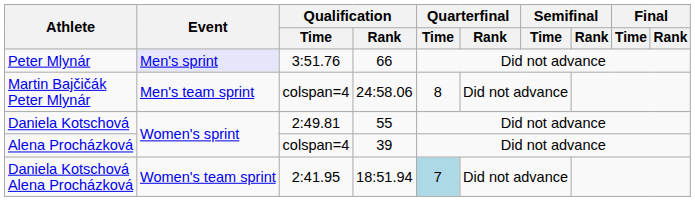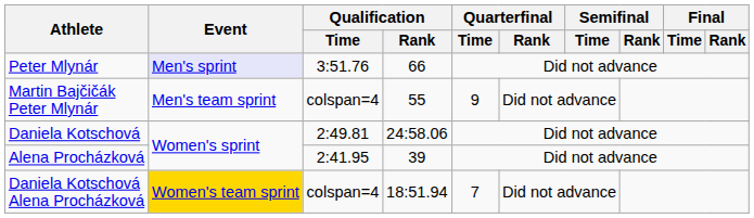 <table class="wikitable" style="font-size:90%">
 <tr>
 <th rowspan="2">Athlete</th>
 <th rowspan="2">Event</th>
 <th colspan="2">Qualification</th>
 <th colspan="2">Quarterfinal</th>
 <th colspan="2">Semifinal</th>
 <th colspan="2">Final</th>
 </tr>
 <tr style="font-size:95%">
 <th>Time</th>
 <th>Rank</th>
 <th>Time</th>
 <th>Rank</th>
 <th>Time</th>
 <th>Rank</th>
 <th>Time</th>
 <th>Rank</th>
 </tr>
 <tr align=center>
 <td align=left><a href='#'>Peter Mlynár</a></td>
 <td align=left style="background: lavender;"><a href='#'>Men's sprint</a></td>
 <td>3:51.76</td>
 <td>66</td>
 <td colspan=6>Did not advance</td>
 </tr>
 <tr align=center>
 <td align=left><a href='#'>Martin Bajčičák</a><br><a href='#'>Peter Mlynár</a></td>
 <td align=left><a href='#'>Men's team sprint</a></td>
 <td>colspan=4 </td>
-<td>24:58.06</td>
-<td>8</td>
+<td>55</td>
+<td>9</td>
 <td colspan=2>Did not advance</td>
 </tr>
 <tr align=center>
 <td align=left><a href='#'>Daniela Kotschová</a></td>
 <td align=left rowspan=2><a href='#'>Women's sprint</a></td>
 <td>2:49.81</td>
-<td>55</td>
+<td>24:58.06</td>
 <td colspan=6>Did not advance</td>
 </tr>
 <tr align=center>
 <td align=left><a href='#'>Alena Procházková</a></td>
-<td>colspan=4 </td>
+<td>2:41.95</td>
 <td>39</td>
 <td colspan=6>Did not advance</td>
 </tr>
 <tr align=center>
 <td align=left><a href='#'>Daniela Kotschová</a><br><a href='#'>Alena Procházková</a></td>
-<td align=left><a href='#'>Women's team sprint</a></td>
-<td>2:41.95</td>
+<td align=left style="background: gold;"><a href='#'>Women's team sprint</a></td>
+<td>colspan=4 </td>
 <td>18:51.94</td>
-<td style="background: lightblue;">7</td>
+<td>7</td>
 <td colspan=2>Did not advance</td>
 </tr>
 </table>
